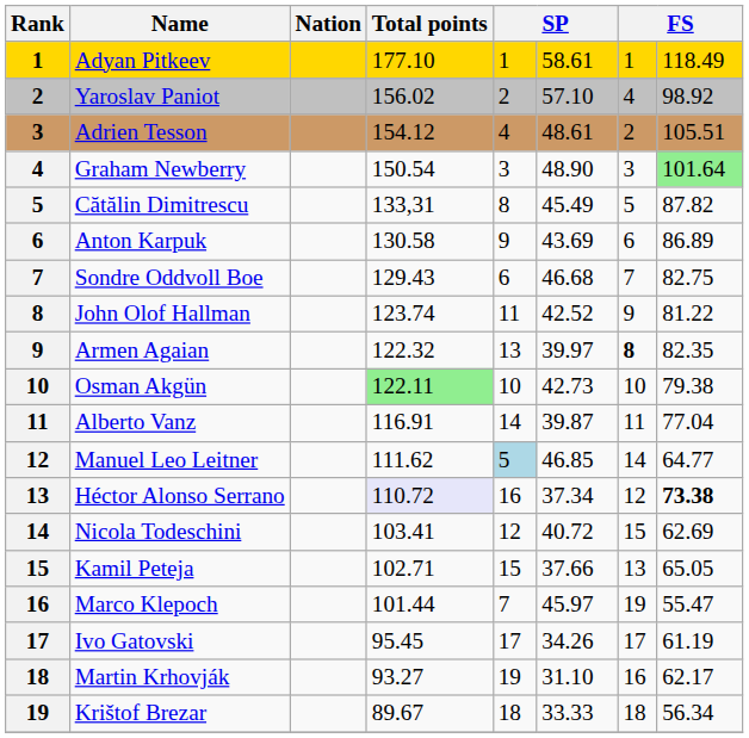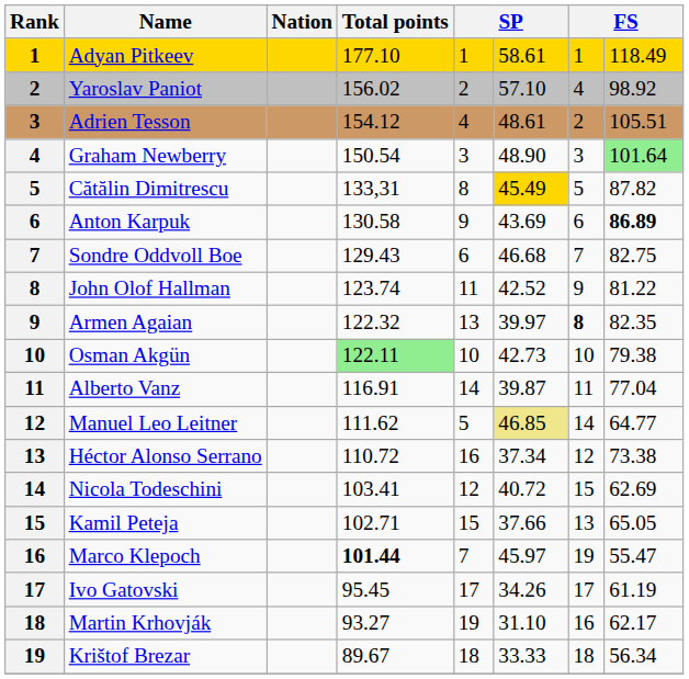 <table class="wikitable sortable">
 <tr>
 <th>Rank</th>
 <th>Name</th>
 <th>Nation</th>
 <th>Total points</th>
 <th colspan="2" width="80px"><a href='#'>SP</a></th>
 <th colspan="2" width="80px"><a href='#'>FS</a></th>
 </tr>
 <tr bgcolor="gold">
 <td align="center"><strong>1</strong></td>
 <td><a href='#'>Adyan Pitkeev</a></td>
 <td></td>
 <td>177.10</td>
 <td>1</td>
 <td>58.61</td>
 <td>1</td>
 <td>118.49</td>
 </tr>
 <tr bgcolor="silver">
 <td align="center"><strong>2</strong></td>
 <td><a href='#'>Yaroslav Paniot</a></td>
 <td></td>
 <td>156.02</td>
 <td>2</td>
 <td>57.10</td>
 <td>4</td>
 <td>98.92</td>
 </tr>
 <tr bgcolor="cc9966">
 <td align="center"><strong>3</strong></td>
 <td><a href='#'>Adrien Tesson</a></td>
 <td></td>
 <td>154.12</td>
 <td>4</td>
 <td>48.61</td>
 <td>2</td>
 <td>105.51</td>
 </tr>
 <tr>
 <th>4</th>
 <td><a href='#'>Graham Newberry</a></td>
 <td></td>
 <td>150.54</td>
 <td>3</td>
 <td>48.90</td>
 <td>3</td>
 <td style="background: lightgreen;">101.64</td>
 </tr>
 <tr>
 <th>5</th>
 <td><a href='#'>Cătălin Dimitrescu</a></td>
 <td></td>
 <td>133,31</td>
 <td>8</td>
-<td>45.49</td>
+<td style="background: gold;">45.49</td>
 <td>5</td>
 <td>87.82</td>
 </tr>
 <tr>
 <th>6</th>
 <td><a href='#'>Anton Karpuk</a></td>
 <td></td>
 <td>130.58</td>
 <td>9</td>
 <td>43.69</td>
 <td>6</td>
-<td>86.89</td>
+<td><strong>86.89</strong></td>
 </tr>
 <tr>
 <th>7</th>
 <td><a href='#'>Sondre Oddvoll Boe</a></td>
 <td></td>
 <td>129.43</td>
 <td>6</td>
 <td>46.68</td>
 <td>7</td>
 <td>82.75</td>
 </tr>
 <tr>
 <th>8</th>
 <td><a href='#'>John Olof Hallman</a></td>
 <td></td>
 <td>123.74</td>
 <td>11</td>
 <td>42.52</td>
 <td>9</td>
 <td>81.22</td>
 </tr>
 <tr>
 <th>9</th>
 <td><a href='#'>Armen Agaian</a></td>
 <td></td>
 <td>122.32</td>
 <td>13</td>
 <td>39.97</td>
 <td><strong>8</strong></td>
 <td>82.35</td>
 </tr>
 <tr>
 <th>10</th>
 <td><a href='#'>Osman Akgün</a></td>
 <td></td>
 <td style="background: lightgreen;">122.11</td>
 <td>10</td>
 <td>42.73</td>
 <td>10</td>
 <td>79.38</td>
 </tr>
 <tr>
 <th>11</th>
 <td><a href='#'>Alberto Vanz</a></td>
 <td></td>
 <td>116.91</td>
 <td>14</td>
 <td>39.87</td>
 <td>11</td>
 <td>77.04</td>
 </tr>
 <tr>
 <th>12</th>
 <td><a href='#'>Manuel Leo Leitner</a></td>
 <td></td>
 <td>111.62</td>
-<td style="background: lightblue;">5</td>
-<td>46.85</td>
+<td>5</td>
+<td style="background: khaki;">46.85</td>
 <td>14</td>
 <td>64.77</td>
 </tr>
 <tr>
 <th>13</th>
 <td><a href='#'>Héctor Alonso Serrano</a></td>
 <td></td>
-<td style="background: lavender;">110.72</td>
+<td>110.72</td>
 <td>16</td>
 <td>37.34</td>
 <td>12</td>
-<td><strong>73.38</strong></td>
+<td>73.38</td>
 </tr>
 <tr>
 <th>14</th>
 <td><a href='#'>Nicola Todeschini</a></td>
 <td></td>
 <td>103.41</td>
 <td>12</td>
 <td>40.72</td>
 <td>15</td>
 <td>62.69</td>
 </tr>
 <tr>
 <th>15</th>
 <td><a href='#'>Kamil Peteja</a></td>
 <td></td>
 <td>102.71</td>
 <td>15</td>
 <td>37.66</td>
 <td>13</td>
 <td>65.05</td>
 </tr>
 <tr>
 <th>16</th>
 <td><a href='#'>Marco Klepoch</a></td>
 <td></td>
-<td>101.44</td>
+<td><strong>101.44</strong></td>
 <td>7</td>
 <td>45.97</td>
 <td>19</td>
 <td>55.47</td>
 </tr>
 <tr>
 <th>17</th>
 <td><a href='#'>Ivo Gatovski</a></td>
 <td></td>
 <td>95.45</td>
 <td>17</td>
 <td>34.26</td>
 <td>17</td>
 <td>61.19</td>
 </tr>
 <tr>
 <th>18</th>
 <td><a href='#'>Martin Krhovják</a></td>
 <td></td>
 <td>93.27</td>
 <td>19</td>
 <td>31.10</td>
 <td>16</td>
 <td>62.17</td>
 </tr>
 <tr>
 <th>19</th>
 <td><a href='#'>Krištof Brezar</a></td>
 <td></td>
 <td>89.67</td>
 <td>18</td>
 <td>33.33</td>
 <td>18</td>
 <td>56.34</td>
 </tr>
 <tr>
 </tr>
 </table>
